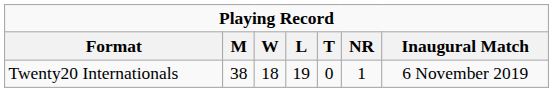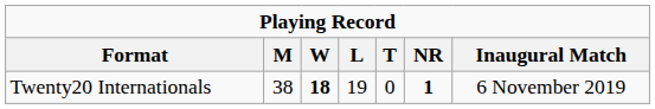 <table class="wikitable" style="text-align: center; width: 500px;">
 <tr>
 <td colspan=7 align="center"><strong>Playing Record</strong></td>
 </tr>
 <tr>
 <th>Format</th>
 <th>M</th>
 <th>W</th>
 <th>L</th>
 <th>T</th>
 <th>NR</th>
 <th>Inaugural Match</th>
 </tr>
 <tr>
 <td align="left">Twenty20 Internationals</td>
 <td>38</td>
-<td>18</td>
+<td><strong>18</strong></td>
 <td>19</td>
 <td>0</td>
-<td>1</td>
+<td><strong>1</strong></td>
 <td>6 November 2019</td>
 </tr>
 </table>
